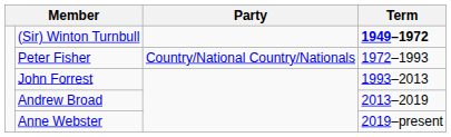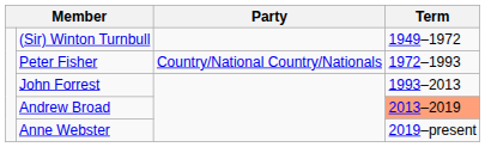 <table class="wikitable">
 <tr>
 <th colspan="2">Member</th>
 <th>Party</th>
 <th>Term</th>
 </tr>
 <tr>
 <td rowspan=5 > </td>
 <td><a href='#'>(Sir) Winton Turnbull</a></td>
 <td></td>
-<td><strong><a href='#'>1949</a>–1972</strong></td>
+<td><a href='#'>1949</a>–1972</td>
 </tr>
 <tr>
 <td><a href='#'>Peter Fisher</a></td>
 <td><a href='#'>Country/National Country/Nationals</a></td>
 <td><a href='#'>1972</a>–1993</td>
 </tr>
 <tr>
 <td><a href='#'>John Forrest</a></td>
 <td rowspan=3></td>
 <td><a href='#'>1993</a>–2013</td>
 </tr>
 <tr>
 <td><a href='#'>Andrew Broad</a></td>
-<td><a href='#'>2013</a>–2019</td>
+<td style="background: lightsalmon;"><a href='#'>2013</a>–2019</td>
 </tr>
 <tr>
 <td><a href='#'>Anne Webster</a></td>
 <td><a href='#'>2019</a>–present</td>
 </tr>
 </table>
